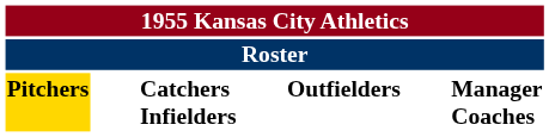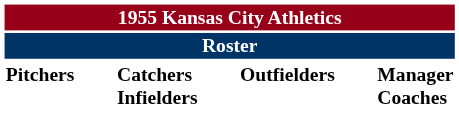 <table class="toccolours" style="font-size: 95%;">
 <tr>
 <th colspan="10" style="background-color: #960018; color: white; text-align: center;">1955 Kansas City Athletics</th>
 </tr>
 <tr>
 <td colspan="10" style="background-color: #003366; color: white; text-align: center;"><strong>Roster</strong></td>
 </tr>
 <tr>
-<td valign="top" style="background: gold;"><strong>Pitchers</strong><br>                         </td>
+<td valign="top"><strong>Pitchers</strong><br>                         </td>
 <td width="25px"></td>
 <td valign="top"><strong>Catchers</strong><br>    <strong>Infielders</strong>             </td>
 <td width="25px"></td>
 <td valign="top"><strong>Outfielders</strong><br>        </td>
 <td width="25px"></td>
 <td valign="top"><strong>Manager</strong><br> <strong>Coaches</strong>    </td>
 </tr>
 </table>
